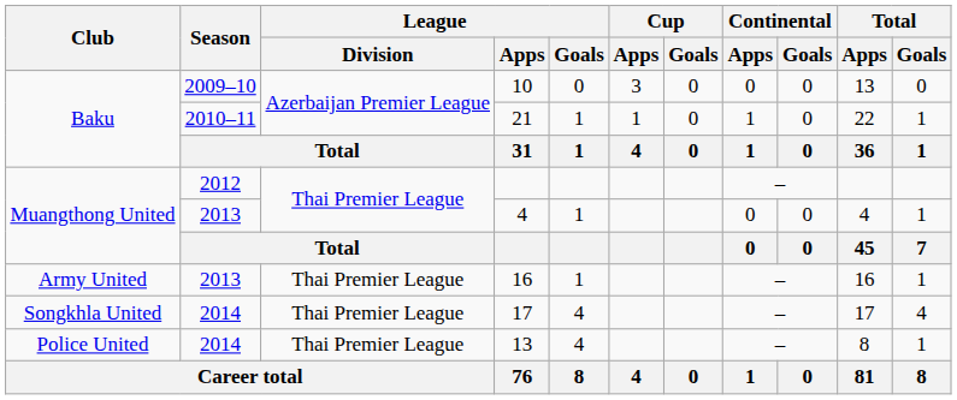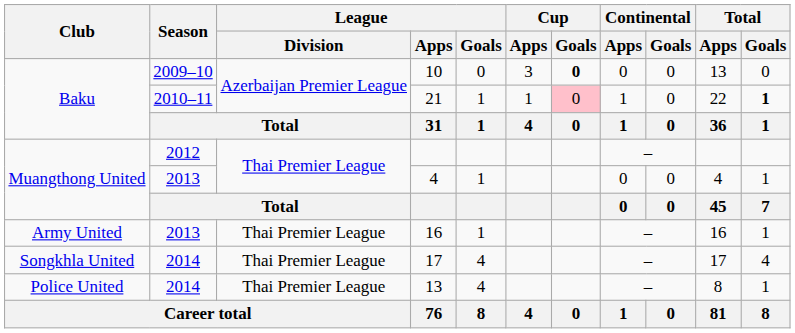 <table class="wikitable" style="text-align:center">
 <tr>
 <th rowspan="2">Club</th>
 <th rowspan="2">Season</th>
 <th colspan="3">League</th>
 <th colspan="2">Cup</th>
 <th colspan="2">Continental</th>
 <th colspan="2">Total</th>
 </tr>
 <tr>
 <th>Division</th>
 <th>Apps</th>
 <th>Goals</th>
 <th>Apps</th>
 <th>Goals</th>
 <th>Apps</th>
 <th>Goals</th>
 <th>Apps</th>
 <th>Goals</th>
 </tr>
 <tr>
 <td rowspan="3"><a href='#'>Baku</a></td>
 <td><a href='#'>2009–10</a></td>
 <td rowspan="2"><a href='#'>Azerbaijan Premier League</a></td>
 <td>10</td>
 <td>0</td>
 <td>3</td>
-<td>0</td>
+<td><strong>0</strong></td>
 <td>0</td>
 <td>0</td>
 <td>13</td>
 <td>0</td>
 </tr>
 <tr>
 <td><a href='#'>2010–11</a></td>
 <td>21</td>
 <td>1</td>
 <td>1</td>
-<td>0</td>
+<td style="background: pink;">0</td>
 <td>1</td>
 <td>0</td>
 <td>22</td>
-<td>1</td>
+<td><strong>1</strong></td>
 </tr>
 <tr>
 <th colspan="2">Total</th>
 <th>31</th>
 <th>1</th>
 <th>4</th>
 <th>0</th>
 <th>1</th>
 <th>0</th>
 <th>36</th>
 <th>1</th>
 </tr>
 <tr>
 <td rowspan="3"><a href='#'>Muangthong United</a></td>
 <td><a href='#'>2012</a></td>
 <td rowspan="2"><a href='#'>Thai Premier League</a></td>
 <td></td>
 <td></td>
 <td></td>
 <td></td>
 <td colspan="2">–</td>
 <td></td>
 <td></td>
 </tr>
 <tr>
 <td><a href='#'>2013</a></td>
 <td>4</td>
 <td>1</td>
 <td></td>
 <td></td>
 <td>0</td>
 <td>0</td>
 <td>4</td>
 <td>1</td>
 </tr>
 <tr>
 <th colspan="2">Total</th>
 <th></th>
 <th></th>
 <th></th>
 <th></th>
 <th>0</th>
 <th>0</th>
 <th>45</th>
 <th>7</th>
 </tr>
 <tr>
 <td><a href='#'>Army United</a></td>
 <td><a href='#'>2013</a></td>
 <td>Thai Premier League</td>
 <td>16</td>
 <td>1</td>
 <td></td>
 <td></td>
 <td colspan="2">–</td>
 <td>16</td>
 <td>1</td>
 </tr>
 <tr>
 <td><a href='#'>Songkhla United</a></td>
 <td><a href='#'>2014</a></td>
 <td>Thai Premier League</td>
 <td>17</td>
 <td>4</td>
 <td></td>
 <td></td>
 <td colspan="2">–</td>
 <td>17</td>
 <td>4</td>
 </tr>
 <tr>
 <td><a href='#'>Police United</a></td>
 <td><a href='#'>2014</a></td>
 <td>Thai Premier League</td>
 <td>13</td>
 <td>4</td>
 <td></td>
 <td></td>
 <td colspan="2">–</td>
 <td>8</td>
 <td>1</td>
 </tr>
 <tr>
 <th colspan="3">Career total</th>
 <th>76</th>
 <th>8</th>
 <th>4</th>
 <th>0</th>
 <th>1</th>
 <th>0</th>
 <th>81</th>
 <th>8</th>
 </tr>
 </table>
